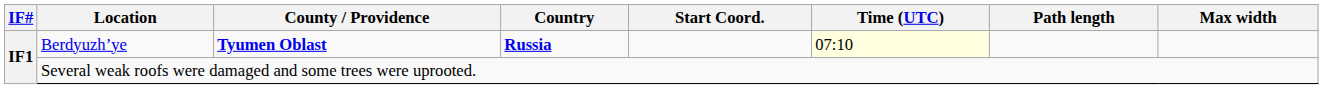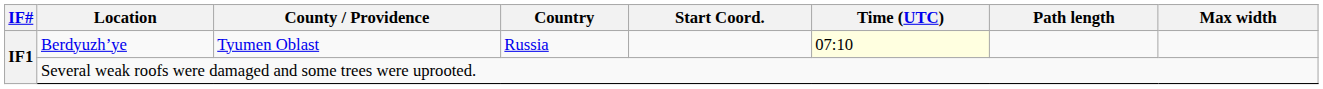 <table class="wikitable sortable" style="width:100%;">
 <tr>
 <th scope="col" width="2%" align="center"><a href='#'>IF#</a></th>
 <th scope="col" align="center" class="unsortable">Location</th>
 <th scope="col" align="center" class="unsortable">County / Providence</th>
 <th scope="col" align="center">Country</th>
 <th scope="col" align="center">Start Coord.</th>
 <th scope="col" align="center">Time (<a href='#'>UTC</a>)</th>
 <th scope="col" align="center">Path length</th>
 <th scope="col" align="center">Max width</th>
 </tr>
 <tr>
 <th scope="row" rowspan="2" style="background-color:#">IF1</th>
 <td><a href='#'>Berdyuzh’ye</a></td>
-<td><strong><a href='#'>Tyumen Oblast</a></strong></td>
-<td><strong><a href='#'>Russia</a></strong></td>
+<td><a href='#'>Tyumen Oblast</a></td>
+<td><a href='#'>Russia</a></td>
 <td></td>
 <td style="background: lightyellow;">07:10</td>
 <td></td>
 <td></td>
 </tr>
 <tr class="expand-child">
 <td colspan="8" style=" border-bottom: 1px solid black ">Several weak roofs were damaged and some trees were uprooted.</td>
 </tr>
 </table>
